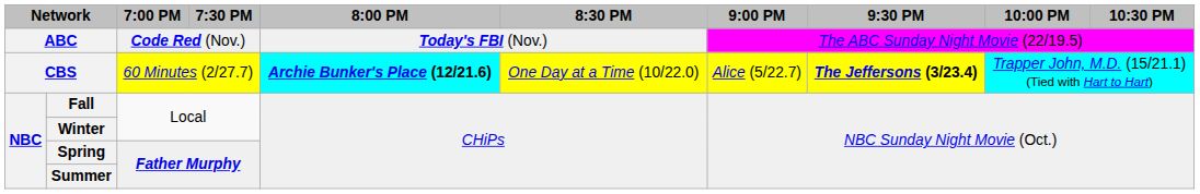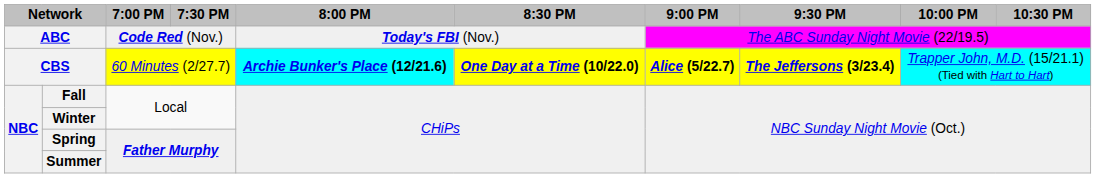 <table class="wikitable plainrowheaders" style="width:100%; margin:auto; text-align:center;">
 <tr>
 <th colspan="2" style="background-color:#C0C0C0;text-align:center">Network</th>
 <th style="background-color:#C0C0C0;text-align:center">7:00 PM</th>
 <th style="background-color:#C0C0C0;text-align:center">7:30 PM</th>
 <th style="background-color:#C0C0C0;text-align:center">8:00 PM</th>
 <th style="background-color:#C0C0C0;text-align:center">8:30 PM</th>
 <th style="background-color:#C0C0C0;text-align:center">9:00 PM</th>
 <th style="background-color:#C0C0C0;text-align:center">9:30 PM</th>
 <th style="background-color:#C0C0C0;text-align:center">10:00 PM</th>
 <th style="background-color:#C0C0C0;text-align:center">10:30 PM</th>
 </tr>
 <tr>
 <th bgcolor="#C0C0C0" colspan="2"><a href='#'>ABC</a></th>
 <td bgcolor="#F0F0F0" colspan="2"><strong><em><a href='#'>Code Red</a></em></strong> (Nov.)</td>
 <td bgcolor="#F0F0F0" colspan="2"><strong><em><a href='#'>Today's FBI</a></em></strong> (Nov.)</td>
 <td bgcolor="#FF00FF" colspan="4"><em><a href='#'>The ABC Sunday Night Movie</a></em> (22/19.5)</td>
 </tr>
 <tr>
 <th bgcolor="#C0C0C0" colspan="2"><a href='#'>CBS</a></th>
 <td bgcolor="#FFFF00" colspan="2"><em><a href='#'>60 Minutes</a></em> (2/27.7)</td>
 <td bgcolor="#00FFFF"><strong><em><a href='#'>Archie Bunker's Place</a></em> (12/21.6)</strong></td>
-<td bgcolor="#FFFF00"><em><a href='#'>One Day at a Time</a></em> (10/22.0)</td>
-<td bgcolor="#FFFF00"><em><a href='#'>Alice</a></em> (5/22.7)</td>
+<td bgcolor="#FFFF00"><strong><em><a href='#'>One Day at a Time</a></em> (10/22.0)</strong></td>
+<td bgcolor="#FFFF00"><strong><em><a href='#'>Alice</a></em> (5/22.7)</strong></td>
 <td bgcolor="#FFFF00"><strong><em><a href='#'>The Jeffersons</a></em> (3/23.4)</strong></td>
 <td bgcolor="#00FFFF" colspan="2"><em><a href='#'>Trapper John, M.D.</a></em> (15/21.1)<br><small>(Tied with <em><a href='#'>Hart to Hart</a></em>)</small></td>
 </tr>
 <tr>
 <th rowspan="4" bgcolor="#C0C0C0"><a href='#'>NBC</a></th>
 <th>Fall</th>
 <td colspan="2" rowspan="2">Local</td>
 <td colspan="2" rowspan="4" bgcolor="#F0F0F0"><em><a href='#'>CHiPs</a></em></td>
 <td colspan="4" rowspan="4" bgcolor="#F0F0F0"><em><a href='#'>NBC Sunday Night Movie</a></em> (Oct.)</td>
 </tr>
 <tr>
 <th>Winter</th>
 </tr>
 <tr>
 <th>Spring</th>
 <td colspan="2" rowspan="2" bgcolor="#F0F0F0"><strong><em><a href='#'>Father Murphy</a></em></strong></td>
 </tr>
 <tr>
 <th>Summer</th>
 </tr>
 </table>
